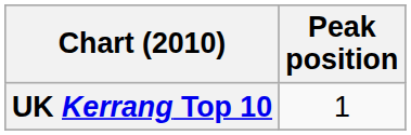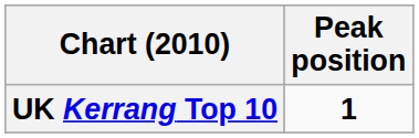 <table class="wikitable plainrowheaders" style="text-align:center">
 <tr>
 <th scope="col">Chart (2010)</th>
 <th scope="col">Peak<br>position</th>
 </tr>
 <tr>
 <th scope="row">UK <a href='#'><em>Kerrang</em> Top 10</a></th>
-<td>1</td>
+<td><strong>1</strong></td>
 </tr>
 </table>
